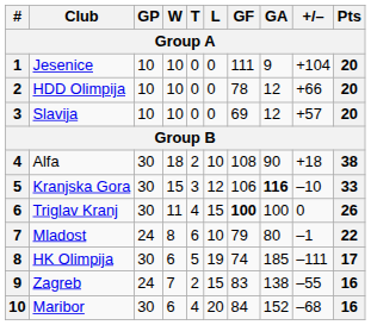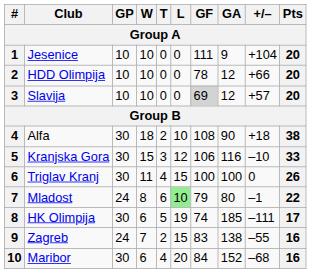 <table class="wikitable">
 <tr>
 <th>#</th>
 <th>Club</th>
 <th>GP</th>
 <th>W</th>
 <th>T</th>
 <th>L</th>
 <th>GF</th>
 <th>GA</th>
 <th>+/–</th>
 <th>Pts</th>
 </tr>
 <tr>
 <th colspan="10">Group A</th>
 </tr>
 <tr>
 <th>1</th>
 <td><a href='#'>Jesenice</a></td>
 <td>10</td>
 <td>10</td>
 <td>0</td>
 <td>0</td>
 <td>111</td>
 <td>9</td>
 <td>+104</td>
 <th>20</th>
 </tr>
 <tr>
 <th>2</th>
 <td><a href='#'>HDD Olimpija</a></td>
 <td>10</td>
 <td>10</td>
 <td>0</td>
 <td>0</td>
 <td>78</td>
 <td>12</td>
 <td>+66</td>
 <th>20</th>
 </tr>
 <tr>
 <th>3</th>
 <td><a href='#'>Slavija</a></td>
 <td>10</td>
 <td>10</td>
 <td>0</td>
 <td>0</td>
-<td>69</td>
+<td style="background: lightgrey;">69</td>
 <td>12</td>
 <td>+57</td>
 <th>20</th>
 </tr>
 <tr>
 <th colspan="10">Group B</th>
 </tr>
 <tr>
 <th>4</th>
 <td>Alfa</td>
 <td>30</td>
 <td>18</td>
 <td>2</td>
 <td>10</td>
 <td>108</td>
 <td>90</td>
 <td>+18</td>
 <th>38</th>
 </tr>
 <tr>
 <th>5</th>
 <td><a href='#'>Kranjska Gora</a></td>
 <td>30</td>
 <td>15</td>
 <td>3</td>
 <td>12</td>
 <td>106</td>
-<td><strong>116</strong></td>
+<td>116</td>
 <td>–10</td>
 <th>33</th>
 </tr>
 <tr>
 <th>6</th>
 <td><a href='#'>Triglav Kranj</a></td>
 <td>30</td>
 <td>11</td>
 <td>4</td>
 <td>15</td>
-<td><strong>100</strong></td>
+<td>100</td>
 <td>100</td>
 <td>0</td>
 <th>26</th>
 </tr>
 <tr>
 <th>7</th>
 <td><a href='#'>Mladost</a></td>
 <td>24</td>
 <td>8</td>
 <td>6</td>
-<td>10</td>
+<td style="background: lightgreen;">10</td>
 <td>79</td>
 <td>80</td>
 <td>–1</td>
 <th>22</th>
 </tr>
 <tr>
 <th>8</th>
 <td><a href='#'>HK Olimpija</a></td>
 <td>30</td>
 <td>6</td>
 <td>5</td>
 <td>19</td>
 <td>74</td>
 <td>185</td>
 <td>–111</td>
 <th>17</th>
 </tr>
 <tr>
 <th>9</th>
 <td><a href='#'>Zagreb</a></td>
 <td>24</td>
 <td>7</td>
 <td>2</td>
 <td>15</td>
 <td>83</td>
 <td>138</td>
 <td>–55</td>
 <th>16</th>
 </tr>
 <tr>
 <th>10</th>
 <td><a href='#'>Maribor</a></td>
 <td>30</td>
 <td>6</td>
 <td>4</td>
 <td>20</td>
 <td>84</td>
 <td>152</td>
 <td>–68</td>
 <th>16</th>
 </tr>
 </table>
